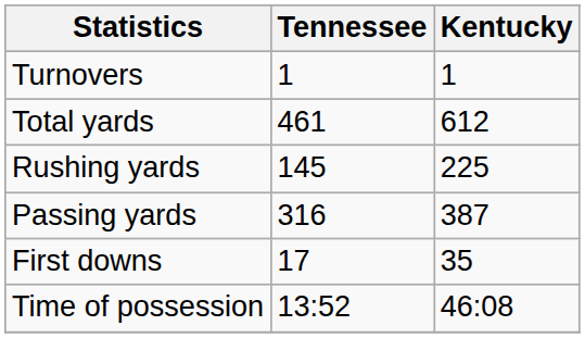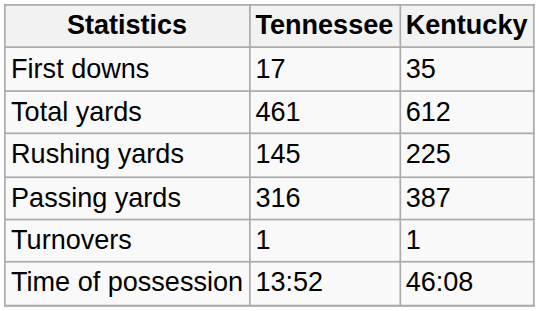 <table class="wikitable" style="float: left;">
 <tr>
 <th>Statistics</th>
 <th>Tennessee</th>
 <th>Kentucky</th>
 </tr>
 <tr>
-<td>Turnovers</td>
-<td>1</td>
-<td>1</td>
+<td>First downs</td>
+<td>17</td>
+<td>35</td>
 </tr>
 <tr>
 <td>Total yards</td>
 <td>461</td>
 <td>612</td>
 </tr>
 <tr>
 <td>Rushing yards</td>
 <td>145</td>
 <td>225</td>
 </tr>
 <tr>
 <td>Passing yards</td>
 <td>316</td>
 <td>387</td>
 </tr>
 <tr>
-<td>First downs</td>
-<td>17</td>
-<td>35</td>
+<td>Turnovers</td>
+<td>1</td>
+<td>1</td>
 </tr>
 <tr>
 <td>Time of possession</td>
 <td>13:52</td>
 <td>46:08</td>
 </tr>
 <tr>
 </tr>
 </table>
